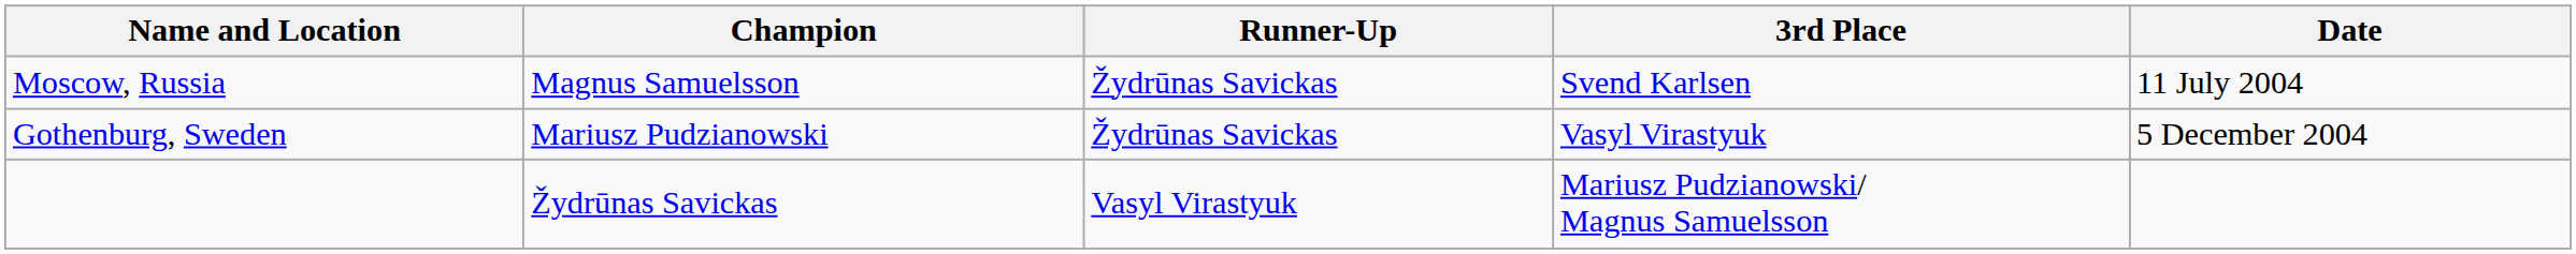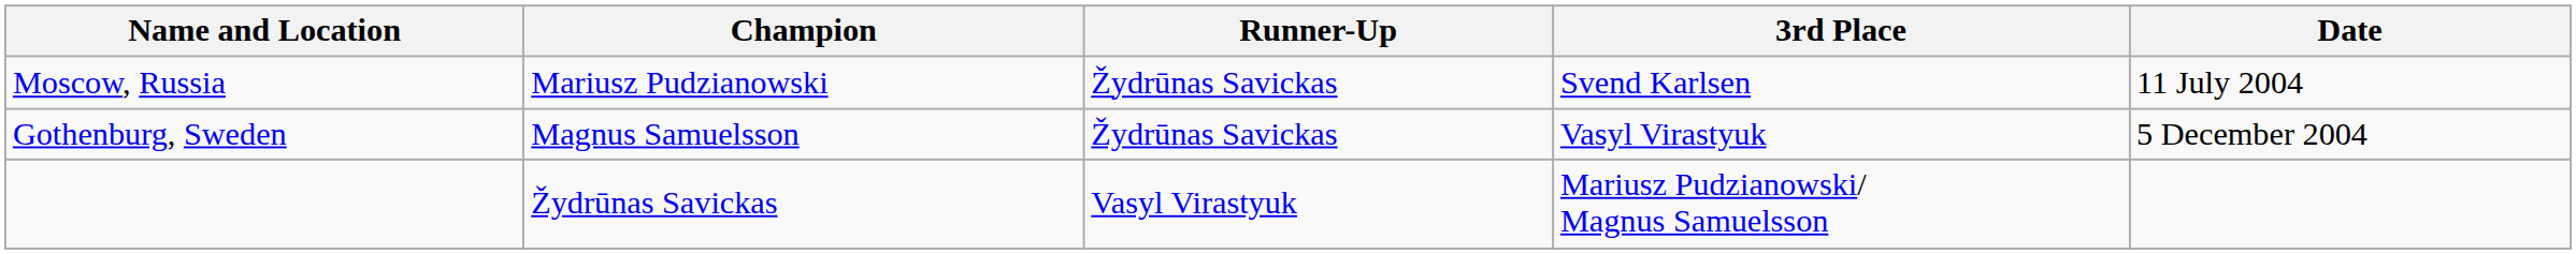 <table class="wikitable" style="display: inline-table;width: 100%;">
 <tr>
 <th>Name and Location</th>
 <th>Champion</th>
 <th>Runner-Up</th>
 <th>3rd Place</th>
 <th>Date</th>
 </tr>
 <tr>
 <td> <a href='#'>Moscow</a>, <a href='#'>Russia</a> <br> </td>
-<td> <a href='#'>Magnus Samuelsson</a></td>
+<td> <a href='#'>Mariusz Pudzianowski</a></td>
 <td> <a href='#'>Žydrūnas Savickas</a></td>
 <td> <a href='#'>Svend Karlsen</a></td>
 <td>11 July 2004</td>
 </tr>
 <tr>
 <td> <a href='#'>Gothenburg</a>, <a href='#'>Sweden</a> <br> </td>
-<td> <a href='#'>Mariusz Pudzianowski</a></td>
+<td> <a href='#'>Magnus Samuelsson</a></td>
 <td> <a href='#'>Žydrūnas Savickas</a></td>
 <td> <a href='#'>Vasyl Virastyuk</a></td>
 <td>5 December 2004</td>
 </tr>
 <tr>
 <td></td>
 <td> <a href='#'>Žydrūnas Savickas</a></td>
 <td> <a href='#'>Vasyl Virastyuk</a></td>
 <td> <a href='#'>Mariusz Pudzianowski</a>/<br> <a href='#'>Magnus Samuelsson</a></td>
 <td></td>
 </tr>
 </table>
